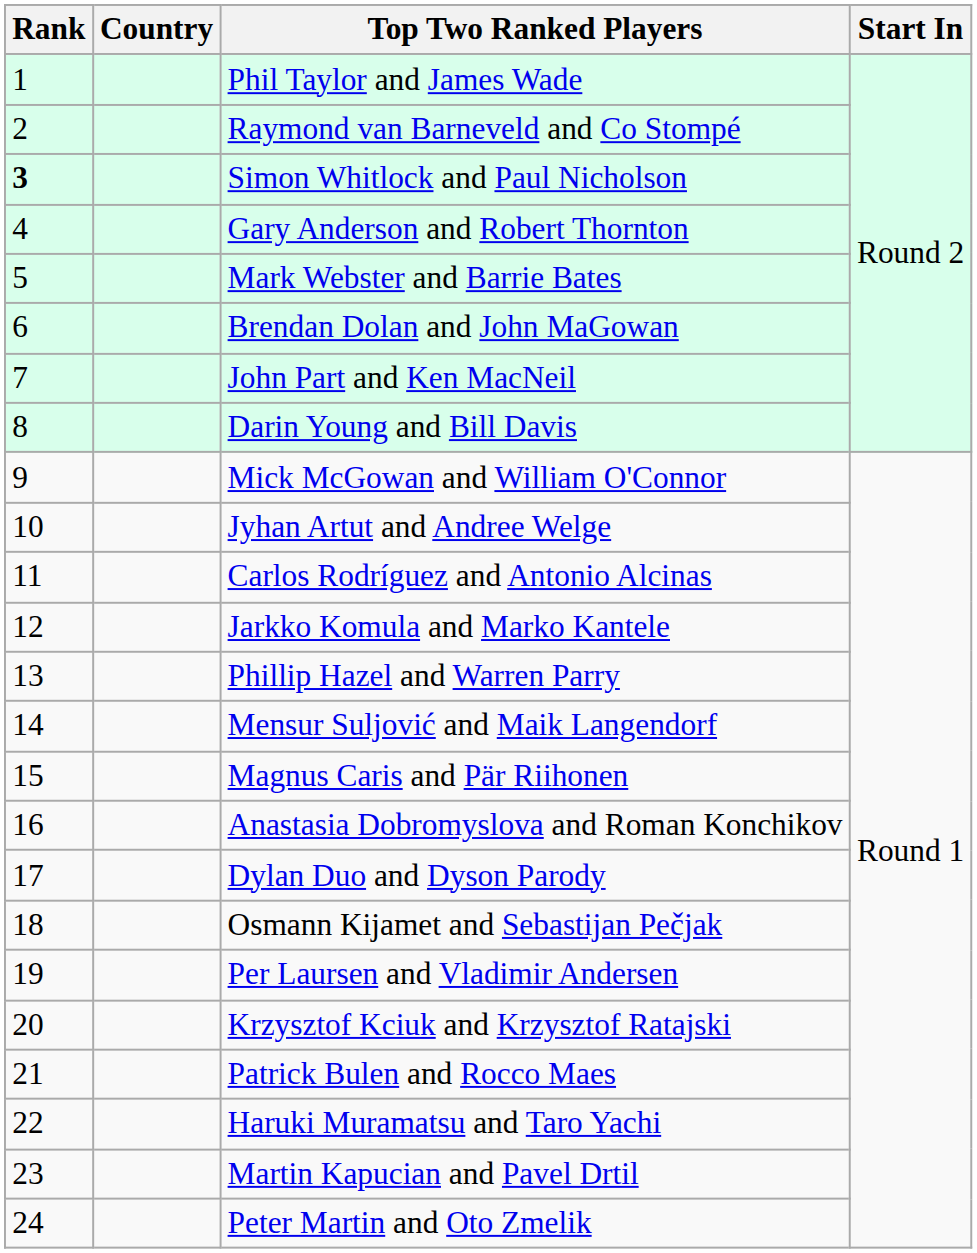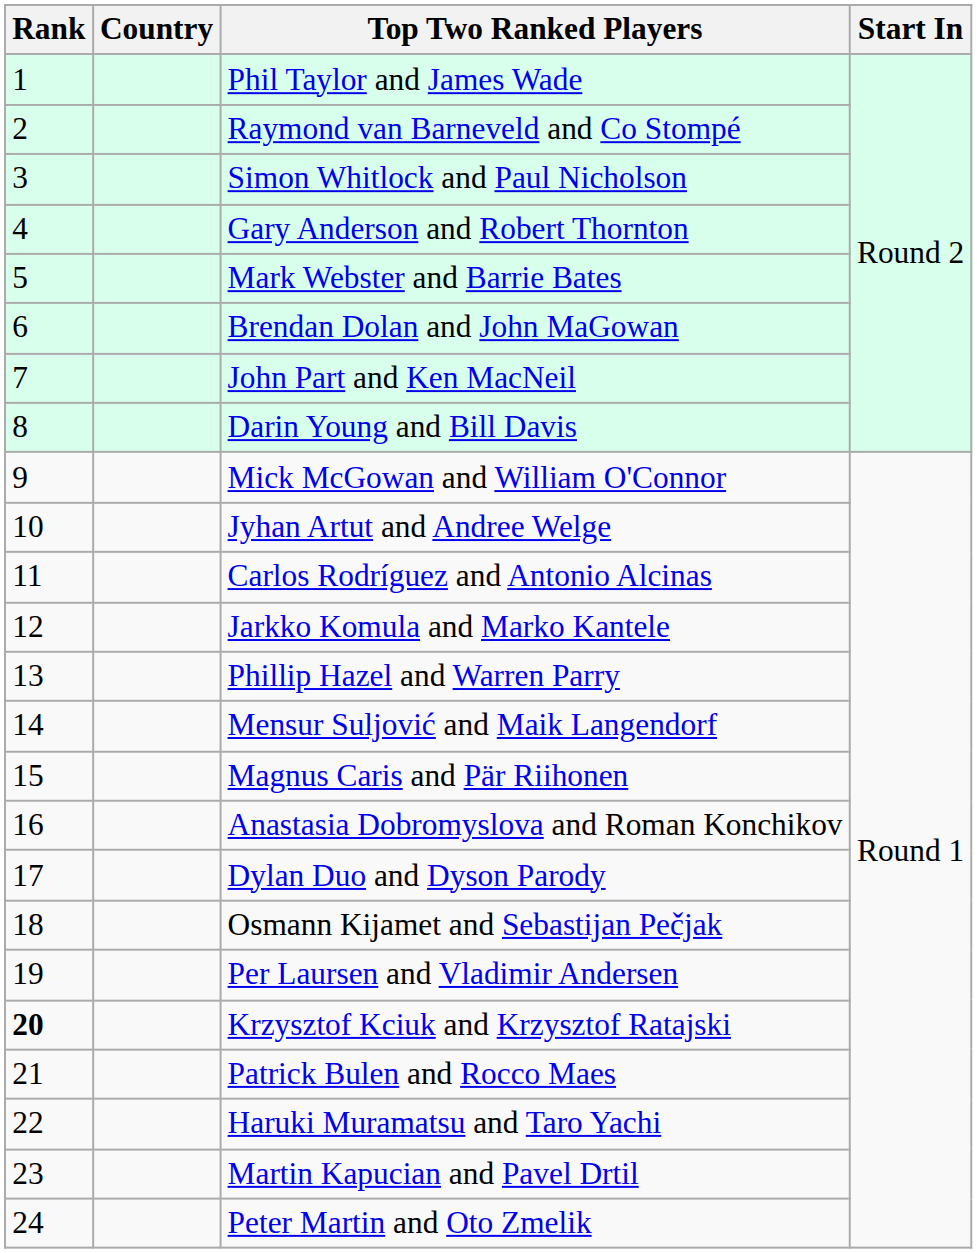 <table class="wikitable">
 <tr>
 <th>Rank</th>
 <th>Country</th>
 <th>Top Two Ranked Players</th>
 <th>Start In</th>
 </tr>
 <tr bgcolor="d8ffeb">
 <td>1</td>
 <td></td>
 <td><a href='#'>Phil Taylor</a> and <a href='#'>James Wade</a></td>
 <td rowspan="8" style="background:#d8ffeb;">Round 2</td>
 </tr>
 <tr bgcolor="d8ffeb">
 <td>2</td>
 <td></td>
 <td><a href='#'>Raymond van Barneveld</a> and <a href='#'>Co Stompé</a></td>
 </tr>
 <tr bgcolor="d8ffeb">
-<td><strong>3</strong></td>
+<td>3</td>
 <td></td>
 <td><a href='#'>Simon Whitlock</a> and <a href='#'>Paul Nicholson</a></td>
 </tr>
 <tr bgcolor="d8ffeb">
 <td>4</td>
 <td></td>
 <td><a href='#'>Gary Anderson</a> and <a href='#'>Robert Thornton</a></td>
 </tr>
 <tr bgcolor="d8ffeb">
 <td>5</td>
 <td></td>
 <td><a href='#'>Mark Webster</a> and <a href='#'>Barrie Bates</a></td>
 </tr>
 <tr bgcolor="d8ffeb">
 <td>6</td>
 <td></td>
 <td><a href='#'>Brendan Dolan</a> and <a href='#'>John MaGowan</a></td>
 </tr>
 <tr bgcolor="d8ffeb">
 <td>7</td>
 <td></td>
 <td><a href='#'>John Part</a> and <a href='#'>Ken MacNeil</a></td>
 </tr>
 <tr bgcolor="d8ffeb">
 <td>8</td>
 <td></td>
 <td><a href='#'>Darin Young</a> and <a href='#'>Bill Davis</a></td>
 </tr>
 <tr>
 <td>9</td>
 <td></td>
 <td><a href='#'>Mick McGowan</a> and <a href='#'>William O'Connor</a></td>
 <td rowspan="16">Round 1</td>
 </tr>
 <tr>
 <td>10</td>
 <td></td>
 <td><a href='#'>Jyhan Artut</a> and <a href='#'>Andree Welge</a></td>
 </tr>
 <tr>
 <td>11</td>
 <td></td>
 <td><a href='#'>Carlos Rodríguez</a> and <a href='#'>Antonio Alcinas</a></td>
 </tr>
 <tr>
 <td>12</td>
 <td></td>
 <td><a href='#'>Jarkko Komula</a> and <a href='#'>Marko Kantele</a></td>
 </tr>
 <tr>
 <td>13</td>
 <td></td>
 <td><a href='#'>Phillip Hazel</a> and <a href='#'>Warren Parry</a></td>
 </tr>
 <tr>
 <td>14</td>
 <td></td>
 <td><a href='#'>Mensur Suljović</a> and <a href='#'>Maik Langendorf</a></td>
 </tr>
 <tr>
 <td>15</td>
 <td></td>
 <td><a href='#'>Magnus Caris</a> and <a href='#'>Pär Riihonen</a></td>
 </tr>
 <tr>
 <td>16</td>
 <td></td>
 <td><a href='#'>Anastasia Dobromyslova</a> and Roman Konchikov</td>
 </tr>
 <tr>
 <td>17</td>
 <td></td>
 <td><a href='#'>Dylan Duo</a> and <a href='#'>Dyson Parody</a></td>
 </tr>
 <tr>
 <td>18</td>
 <td></td>
 <td>Osmann Kijamet and <a href='#'>Sebastijan Pečjak</a></td>
 </tr>
 <tr>
 <td>19</td>
 <td></td>
 <td><a href='#'>Per Laursen</a> and <a href='#'>Vladimir Andersen</a></td>
 </tr>
 <tr>
-<td>20</td>
+<td><strong>20</strong></td>
 <td></td>
 <td><a href='#'>Krzysztof Kciuk</a> and <a href='#'>Krzysztof Ratajski</a></td>
 </tr>
 <tr>
 <td>21</td>
 <td></td>
 <td><a href='#'>Patrick Bulen</a> and <a href='#'>Rocco Maes</a></td>
 </tr>
 <tr>
 <td>22</td>
 <td></td>
 <td><a href='#'>Haruki Muramatsu</a> and <a href='#'>Taro Yachi</a></td>
 </tr>
 <tr>
 <td>23</td>
 <td></td>
 <td><a href='#'>Martin Kapucian</a> and <a href='#'>Pavel Drtil</a></td>
 </tr>
 <tr>
 <td>24</td>
 <td></td>
 <td><a href='#'>Peter Martin</a> and <a href='#'>Oto Zmelik</a></td>
 </tr>
 </table>
